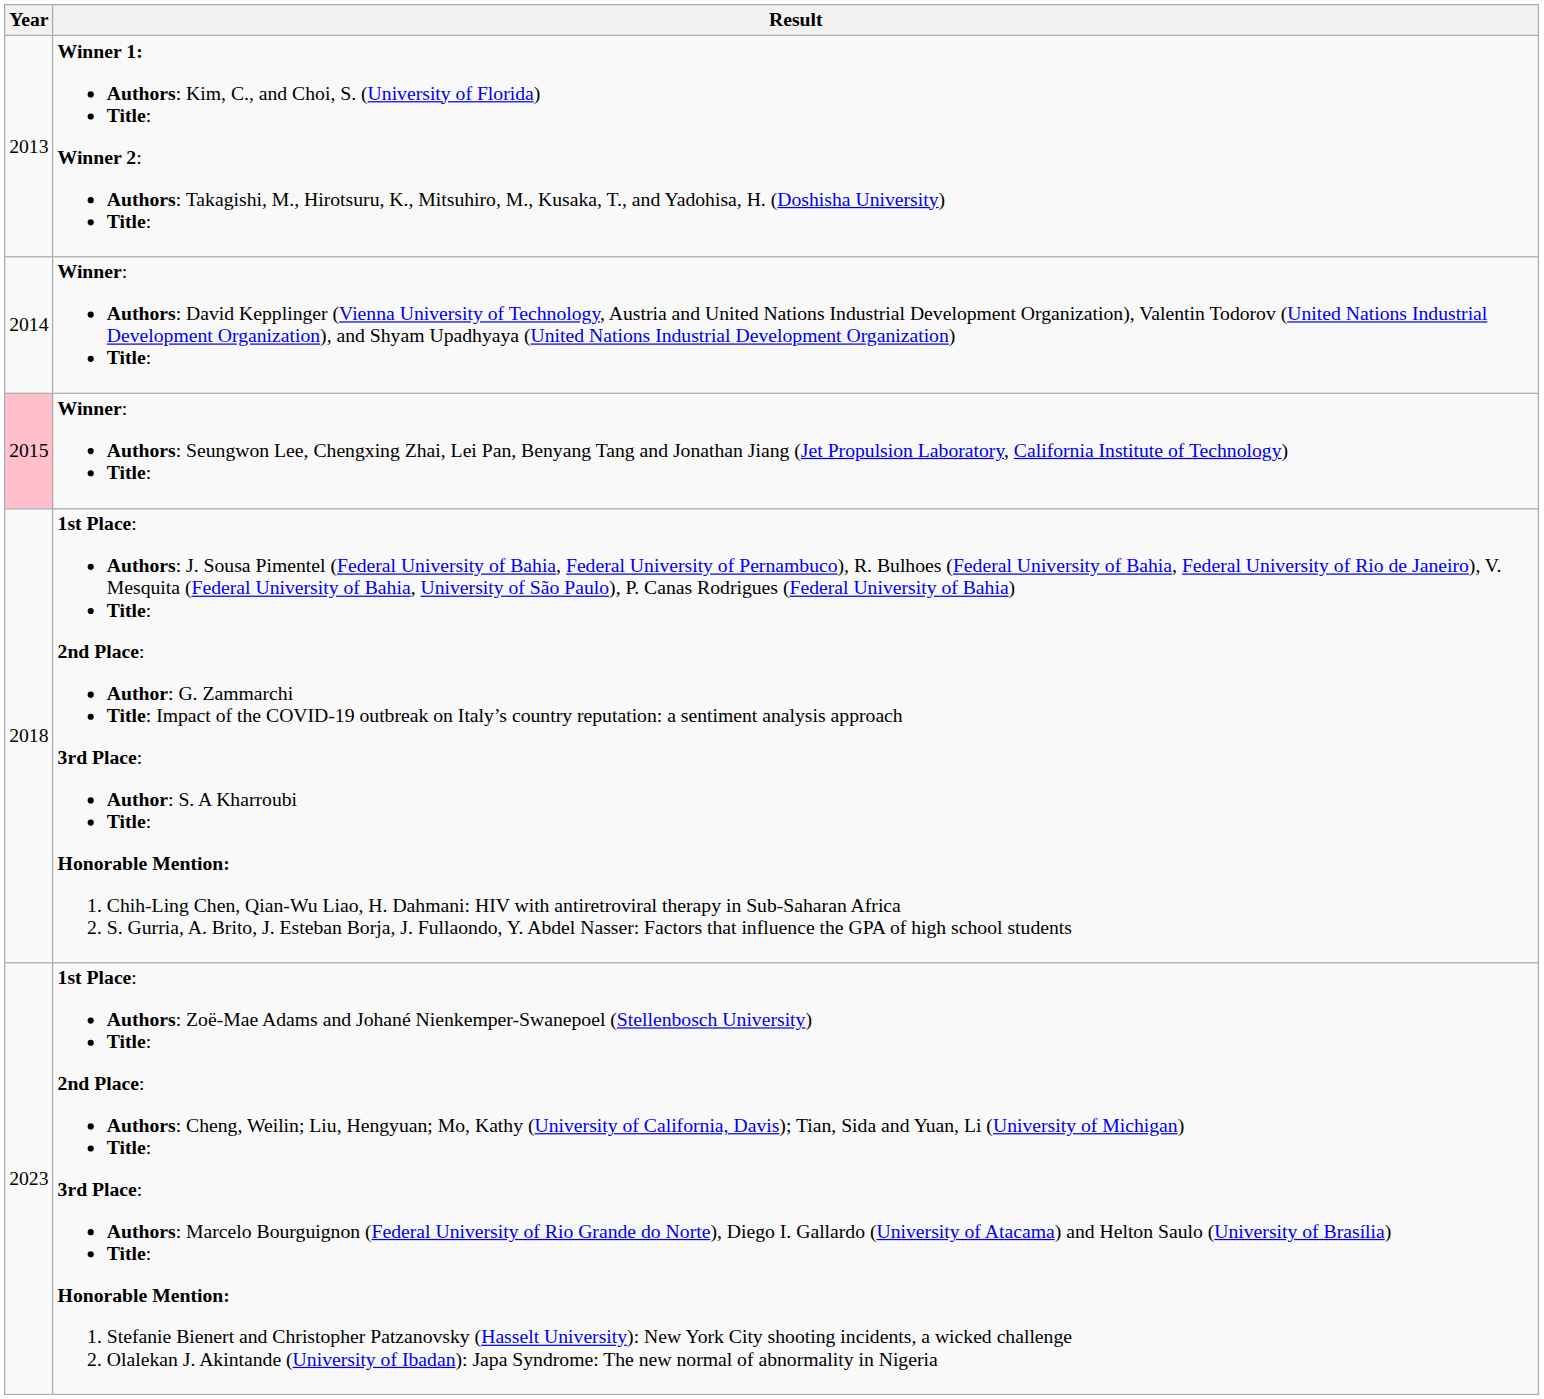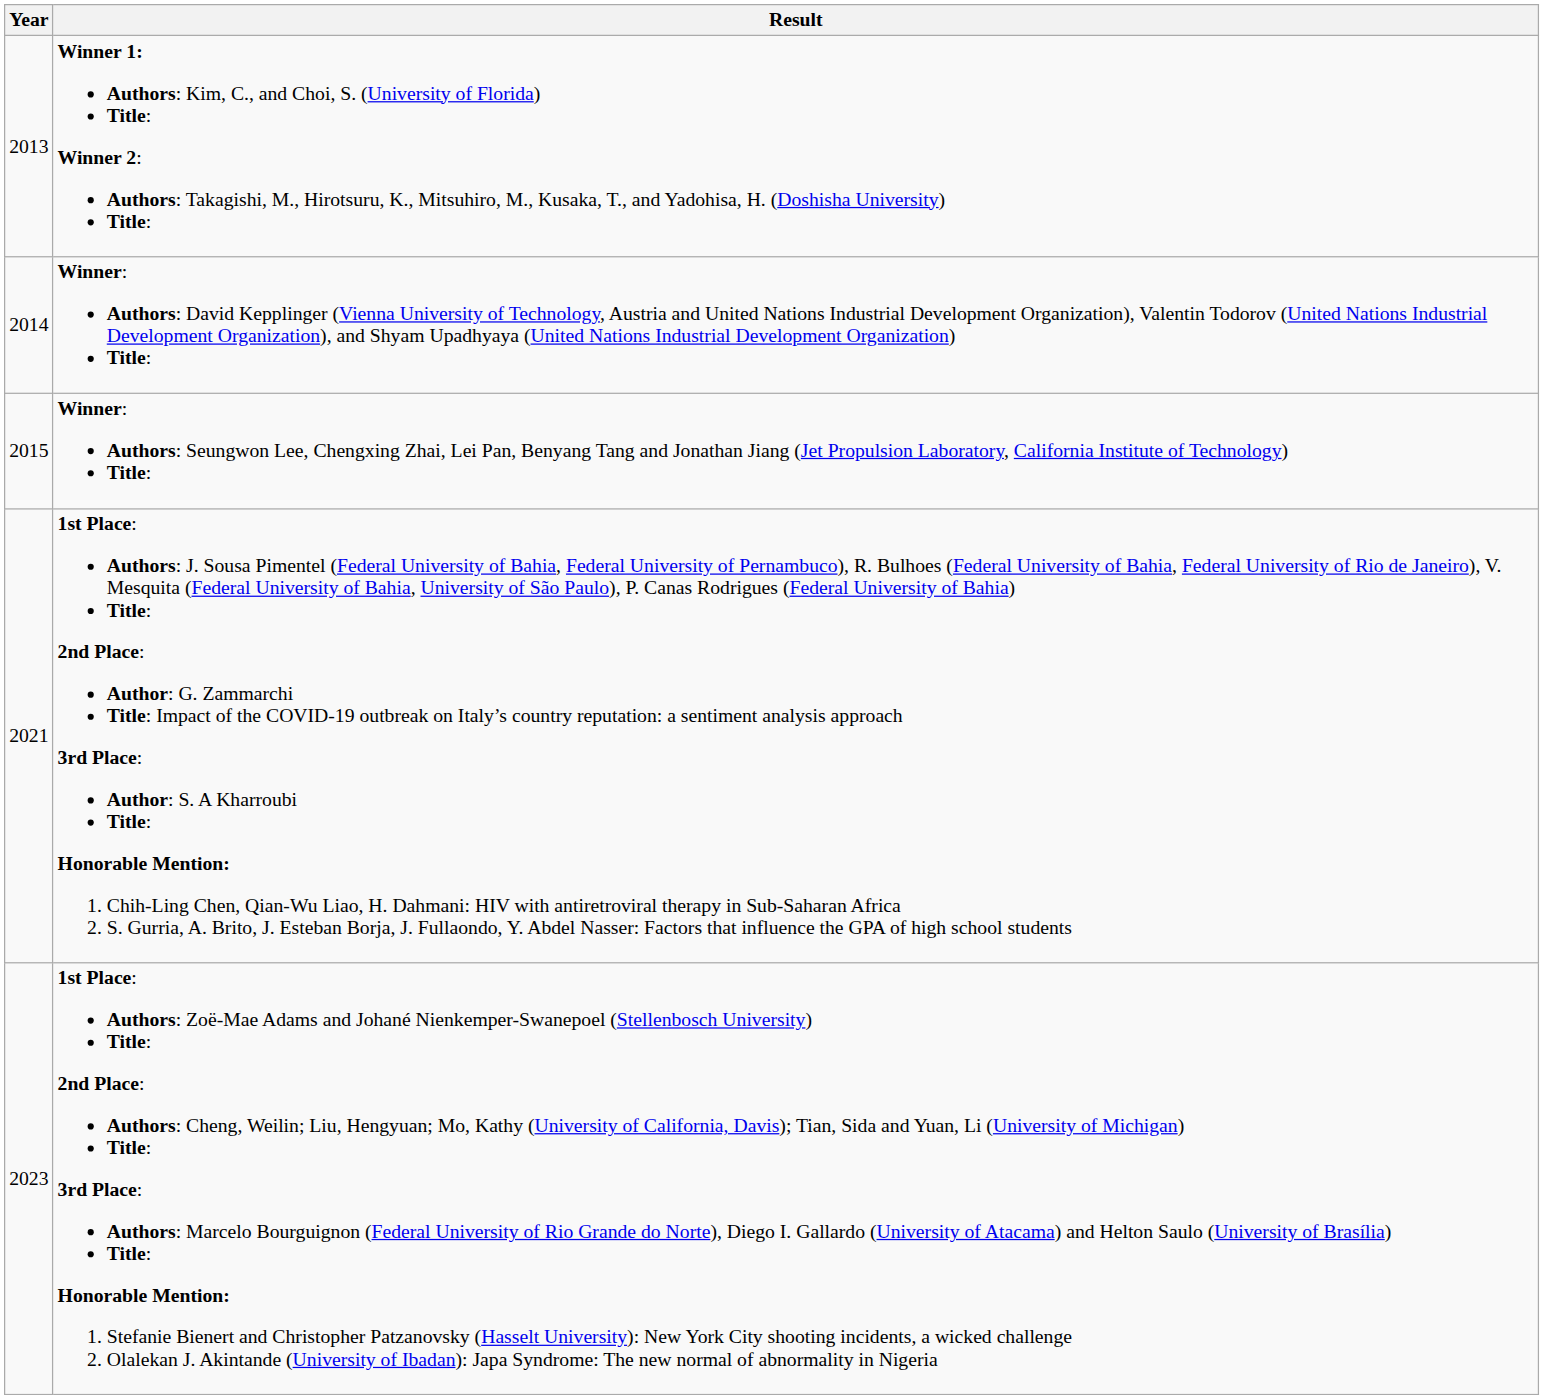 <table class="wikitable">
 <tr>
 <th>Year</th>
 <th>Result</th>
 </tr>
 <tr>
 <td>2013</td>
 <td><strong>Winner 1:</strong><br><ul><li><strong>Authors</strong>: Kim, C., and Choi, S. (<a href='#'>University of Florida</a>)</li><li><strong>Title</strong>: </li></ul><strong>Winner 2</strong>:<ul><li><strong>Authors</strong>: Takagishi, M., Hirotsuru, K., Mitsuhiro, M., Kusaka, T., and Yadohisa, H. (<a href='#'>Doshisha University</a>)</li><li><strong>Title</strong>: </li></ul></td>
 </tr>
 <tr>
 <td>2014</td>
 <td><strong>Winner</strong>:<br><ul><li><strong>Authors</strong>: David Kepplinger (<a href='#'>Vienna University of Technology</a>, Austria and United Nations Industrial Development Organization), Valentin Todorov (<a href='#'>United Nations Industrial Development Organization</a>), and Shyam Upadhyaya (<a href='#'>United Nations Industrial Development Organization</a>)</li><li><strong>Title</strong>: </li></ul></td>
 </tr>
 <tr>
-<td style="background: pink;">2015</td>
+<td>2015</td>
 <td><strong>Winner</strong>:<br><ul><li><strong>Authors</strong>: Seungwon Lee, Chengxing Zhai, Lei Pan, Benyang Tang and Jonathan Jiang (<a href='#'>Jet Propulsion Laboratory</a>, <a href='#'>California Institute of Technology</a>)</li><li><strong>Title</strong>: </li></ul></td>
 </tr>
 <tr>
-<td>2018</td>
+<td>2021</td>
 <td><strong>1st Place</strong>:<br><ul><li><strong>Authors</strong>: J. Sousa Pimentel (<a href='#'>Federal University of Bahia</a>, <a href='#'>Federal University of Pernambuco</a>), R. Bulhoes (<a href='#'>Federal University of Bahia</a>, <a href='#'>Federal University of Rio de Janeiro</a>), V. Mesquita (<a href='#'>Federal University of Bahia</a>, <a href='#'>University of São Paulo</a>), P. Canas Rodrigues (<a href='#'>Federal University of Bahia</a>)</li><li><strong>Title</strong>: </li></ul><strong>2nd Place</strong>:<ul><li><strong>Author</strong>: G. Zammarchi</li><li><strong>Title</strong>: Impact of the COVID-19 outbreak on Italy’s country reputation: a sentiment analysis approach</li></ul><strong>3rd Place</strong>:<ul><li><strong>Author</strong>: S. A Kharroubi</li><li><strong>Title</strong>: </li></ul><strong>Honorable Mention:</strong><ol><li>Chih-Ling Chen, Qian-Wu Liao, H. Dahmani: HIV with antiretroviral therapy in Sub-Saharan Africa</li><li>S. Gurria, A. Brito, J. Esteban Borja, J. Fullaondo, Y. Abdel Nasser: Factors that influence the GPA of high school students</li></ol></td>
 </tr>
 <tr>
 <td>2023</td>
 <td><strong>1st Place</strong>:<br><ul><li><strong>Authors</strong>: Zoë-Mae Adams and Johané Nienkemper-Swanepoel (<a href='#'>Stellenbosch University</a>)</li><li><strong>Title</strong>: </li></ul><strong>2nd Place</strong>:<ul><li><strong>Authors</strong>: Cheng, Weilin; Liu, Hengyuan; Mo, Kathy (<a href='#'>University of California, Davis</a>); Tian, Sida and Yuan, Li (<a href='#'>University of Michigan</a>)</li><li><strong>Title</strong>: </li></ul><strong>3rd Place</strong>:<ul><li><strong>Authors</strong>: Marcelo Bourguignon (<a href='#'>Federal University of Rio Grande do Norte</a>), Diego I. Gallardo (<a href='#'>University of Atacama</a>) and Helton Saulo (<a href='#'>University of Brasília</a>)</li><li><strong>Title</strong>: </li></ul><strong>Honorable Mention:</strong><ol><li>Stefanie Bienert and Christopher Patzanovsky (<a href='#'>Hasselt University</a>): New York City shooting incidents, a wicked challenge</li><li>Olalekan J. Akintande (<a href='#'>University of Ibadan</a>): Japa Syndrome: The new normal of abnormality in Nigeria</li></ol></td>
 </tr>
 </table>
